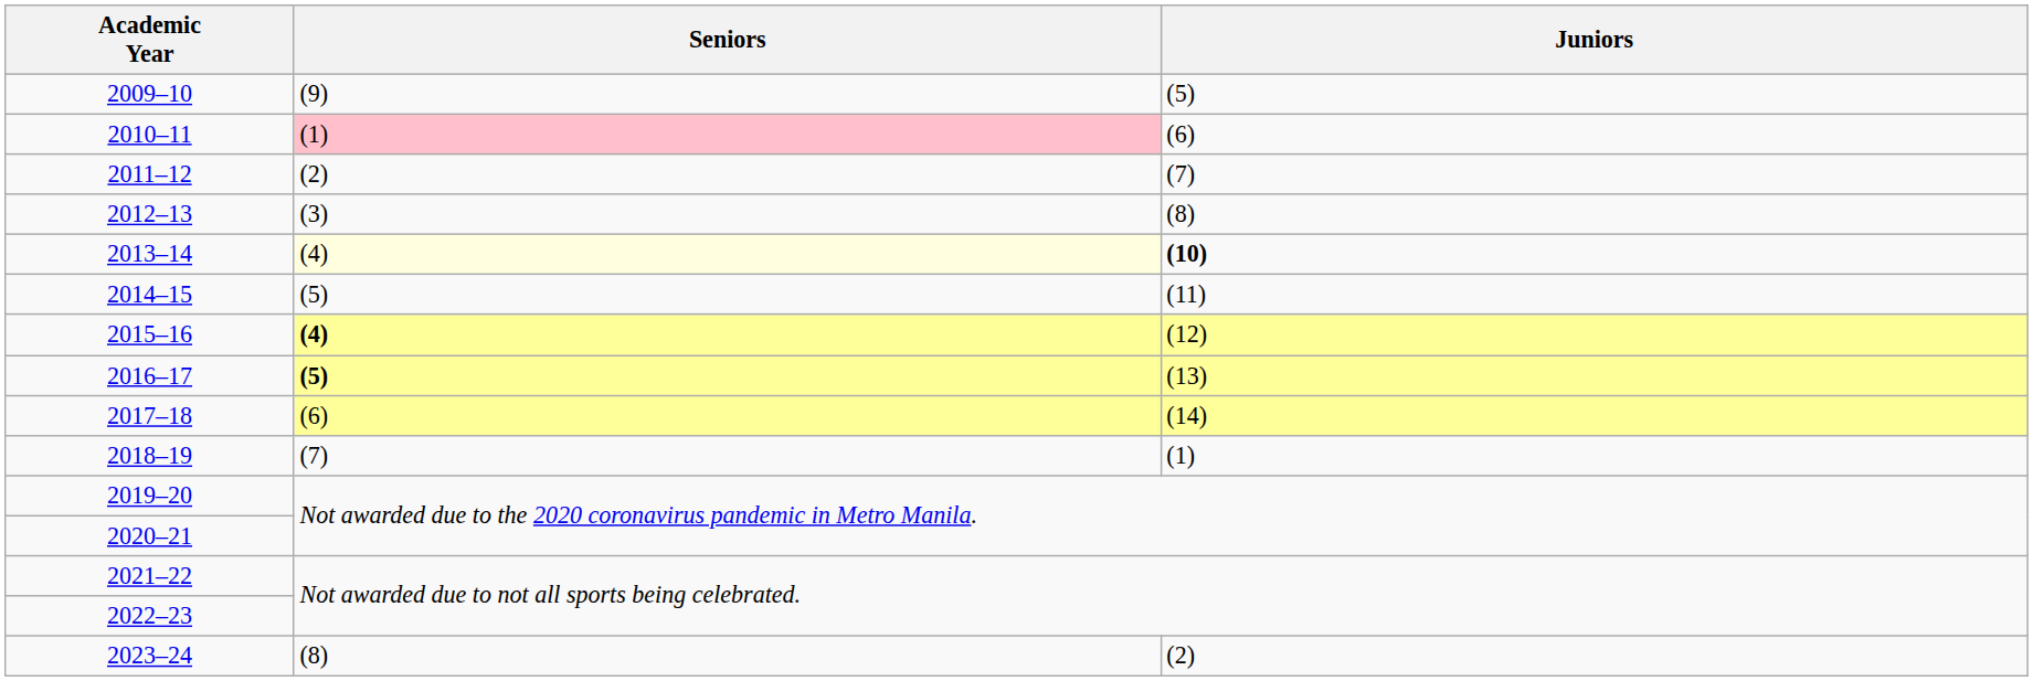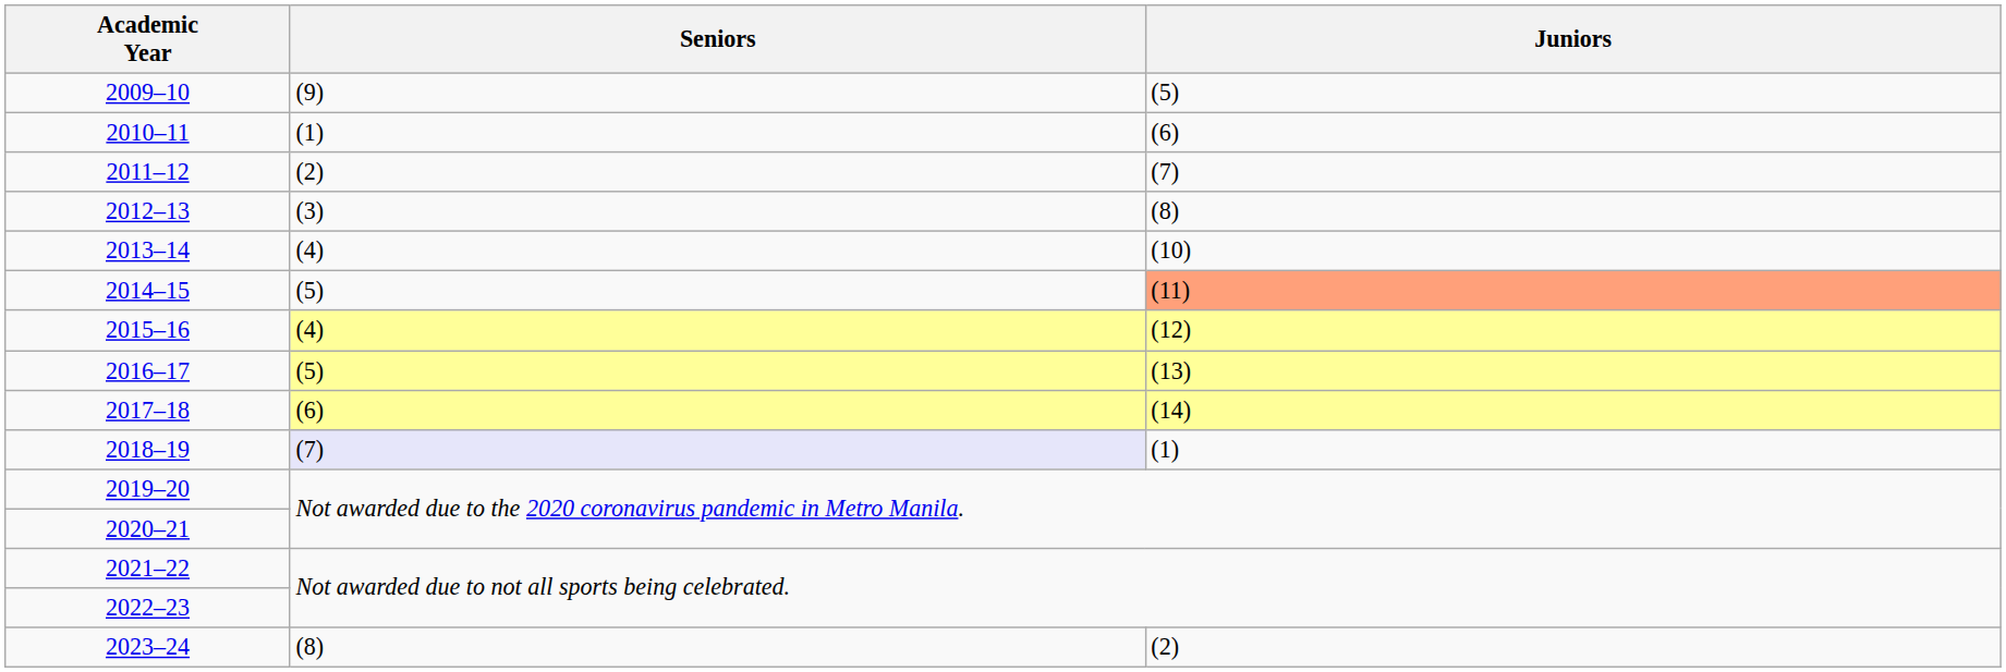 <table class="wikitable" width="100%" style="font-size:95%;">
 <tr>
 <th width=10%>Academic<br>Year</th>
 <th width="30%">Seniors</th>
 <th width="30%">Juniors</th>
 </tr>
 <tr>
 <td align=center><a href='#'>2009–10</a></td>
 <td> (9)</td>
 <td> (5)</td>
 </tr>
 <tr>
 <td align=center><a href='#'>2010–11</a></td>
-<td style="background: pink;"> (1)</td>
+<td> (1)</td>
 <td> (6)</td>
 </tr>
 <tr>
 <td align=center><a href='#'>2011–12</a></td>
 <td> (2)</td>
 <td> (7)</td>
 </tr>
 <tr>
 <td align=center><a href='#'>2012–13</a></td>
 <td> (3)</td>
 <td> (8)</td>
 </tr>
 <tr>
 <td align=center><a href='#'>2013–14</a></td>
-<td style="background: lightyellow;"> (4)</td>
-<td><strong> (10)</strong></td>
+<td> (4)</td>
+<td> (10)</td>
 </tr>
 <tr>
 <td align=center><a href='#'>2014–15</a></td>
 <td> (5)</td>
-<td> (11)</td>
+<td style="background: lightsalmon;"> (11)</td>
 </tr>
 <tr>
 <td align=center><a href='#'>2015–16</a></td>
-<td bgcolor="#FFFF99"><strong> (4)</strong></td>
+<td bgcolor="#FFFF99"> (4)</td>
 <td bgcolor="#FFFF99"> (12)</td>
 </tr>
 <tr>
 <td align=center><a href='#'>2016–17</a></td>
-<td bgcolor="#FFFF99"><strong> (5)</strong></td>
+<td bgcolor="#FFFF99"> (5)</td>
 <td bgcolor="#FFFF99"> (13)</td>
 </tr>
 <tr>
 <td align=center><a href='#'>2017–18</a></td>
 <td bgcolor="#FFFF99"> (6)</td>
 <td bgcolor="#FFFF99"> (14)</td>
 </tr>
 <tr>
 <td align=center><a href='#'>2018–19</a></td>
-<td> (7)</td>
+<td style="background: lavender;"> (7)</td>
 <td> (1)</td>
 </tr>
 <tr>
 <td align=center><a href='#'>2019–20</a></td>
 <td colspan="2" rowspan="2"><em>Not awarded due to the <a href='#'>2020 coronavirus pandemic in Metro Manila</a>.</em></td>
 </tr>
 <tr>
 <td align=center><a href='#'>2020–21</a></td>
 </tr>
 <tr>
 <td align=center><a href='#'>2021–22</a></td>
 <td colspan="2" rowspan="2"><em>Not awarded due to not all sports being celebrated.</em></td>
 </tr>
 <tr>
 <td align=center><a href='#'>2022–23</a></td>
 </tr>
 <tr>
 <td align=center><a href='#'>2023–24</a></td>
 <td> (8)</td>
 <td> (2)</td>
 </tr>
 </table>
